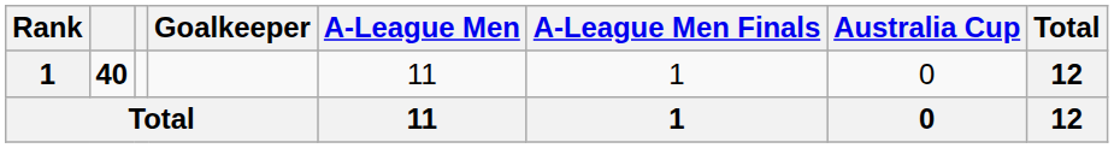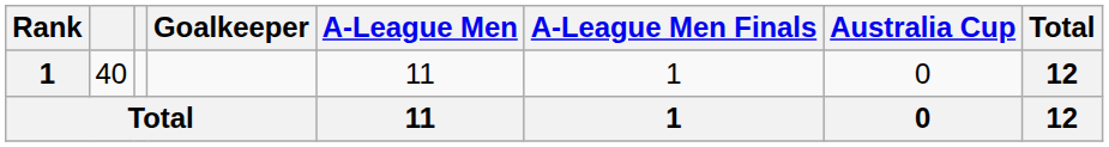 <table class="wikitable" style="text-align:center">
 <tr>
 <th>Rank</th>
 <th></th>
 <th></th>
 <th>Goalkeeper</th>
 <th><a href='#'>A-League Men</a></th>
 <th><a href='#'>A-League Men Finals</a></th>
 <th><a href='#'>Australia Cup</a></th>
 <th>Total</th>
 </tr>
 <tr>
 <th>1</th>
-<td><strong>40</strong></td>
+<td>40</td>
 <td></td>
 <td align="left"></td>
 <td>11</td>
 <td>1</td>
 <td>0</td>
 <th>12</th>
 </tr>
 <tr>
 <th colspan="4">Total</th>
 <th>11</th>
 <th>1</th>
 <th>0</th>
 <th>12</th>
 </tr>
 </table>
